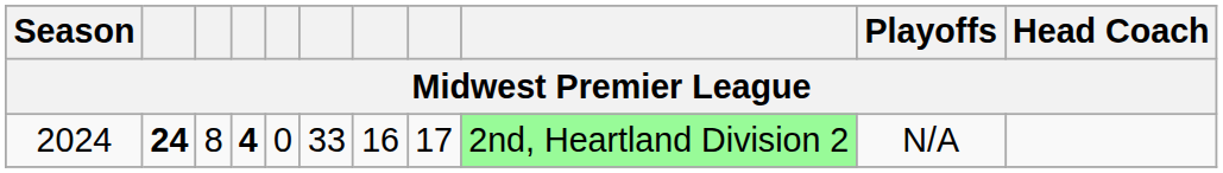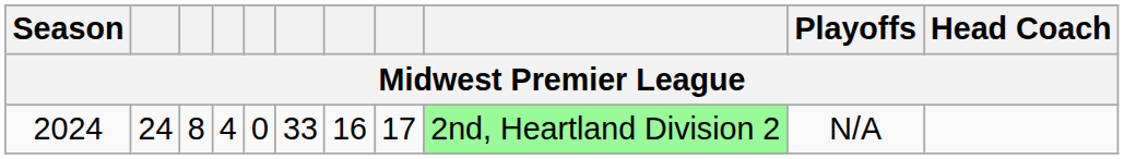 <table class="wikitable" style="text-align: center">
 <tr>
 <th>Season</th>
 <th></th>
 <th></th>
 <th></th>
 <th></th>
 <th></th>
 <th></th>
 <th></th>
 <th></th>
 <th>Playoffs</th>
 <th>Head Coach</th>
 </tr>
 <tr>
 <th colspan="11">Midwest Premier League</th>
 </tr>
 <tr>
 <td>2024</td>
-<td><strong>24</strong></td>
+<td>24</td>
 <td>8</td>
-<td><strong>4</strong></td>
+<td>4</td>
 <td>0</td>
 <td>33</td>
 <td>16</td>
 <td>17</td>
 <td bgcolor=palegreen>2nd, Heartland Division 2</td>
 <td>N/A</td>
 <td></td>
 </tr>
 </table>
